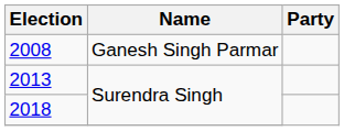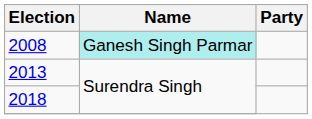 <table class="wikitable sortable">
 <tr>
 <th>Election</th>
 <th>Name</th>
 <th colspan=2>Party</th>
 </tr>
 <tr>
 <td><a href='#'>2008</a></td>
-<td>Ganesh Singh Parmar</td>
+<td style="background: paleturquoise;">Ganesh Singh Parmar</td>
 <td></td>
 </tr>
 <tr>
 <td><a href='#'>2013</a></td>
 <td rowspan=2>Surendra Singh</td>
 <td></td>
 </tr>
 <tr>
 <td><a href='#'>2018</a></td>
 </tr>
 <tr>
 </tr>
 </table>
